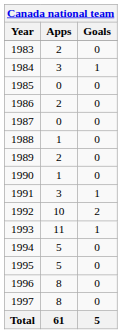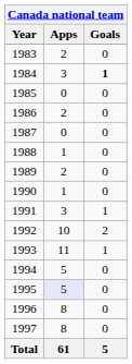 <table class="wikitable" style="text-align:center">
 <tr>
 <th colspan=3><a href='#'>Canada national team</a></th>
 </tr>
 <tr>
 <th>Year</th>
 <th>Apps</th>
 <th>Goals</th>
 </tr>
 <tr>
 </tr>
 <tr>
 <td>1983</td>
 <td>2</td>
 <td>0</td>
 </tr>
 <tr>
 <td>1984</td>
 <td>3</td>
-<td>1</td>
+<td><strong>1</strong></td>
 </tr>
 <tr>
 <td>1985</td>
 <td>0</td>
 <td>0</td>
 </tr>
 <tr>
 <td>1986</td>
 <td>2</td>
 <td>0</td>
 </tr>
 <tr>
 <td>1987</td>
 <td>0</td>
 <td>0</td>
 </tr>
 <tr>
 <td>1988</td>
 <td>1</td>
 <td>0</td>
 </tr>
 <tr>
 <td>1989</td>
 <td>2</td>
 <td>0</td>
 </tr>
 <tr>
 <td>1990</td>
 <td>1</td>
 <td>0</td>
 </tr>
 <tr>
 <td>1991</td>
 <td>3</td>
 <td>1</td>
 </tr>
 <tr>
 <td>1992</td>
 <td>10</td>
 <td>2</td>
 </tr>
 <tr>
 <td>1993</td>
 <td>11</td>
 <td>1</td>
 </tr>
 <tr>
 <td>1994</td>
 <td>5</td>
 <td>0</td>
 </tr>
 <tr>
 <td>1995</td>
-<td>5</td>
+<td style="background: lavender;">5</td>
 <td>0</td>
 </tr>
 <tr>
 <td>1996</td>
 <td>8</td>
 <td>0</td>
 </tr>
 <tr>
 <td>1997</td>
 <td>8</td>
 <td>0</td>
 </tr>
 <tr>
 <th>Total</th>
 <th>61</th>
 <th>5</th>
 </tr>
 </table>
